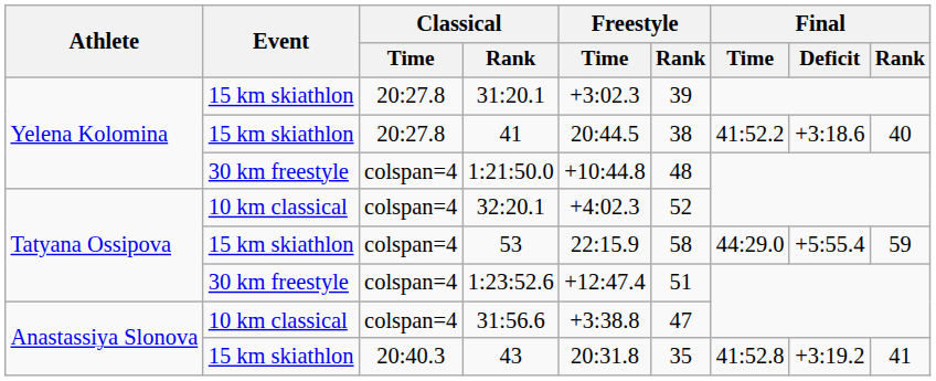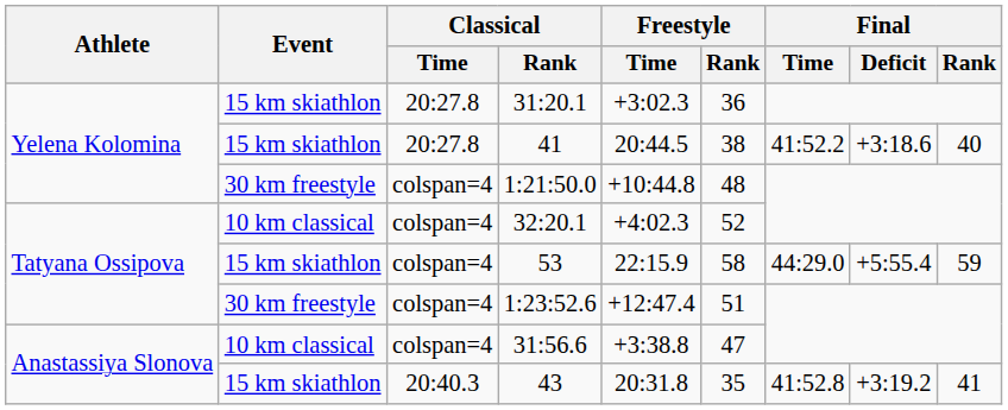 <table class="wikitable" style="font-size:90%">
 <tr>
 <th rowspan=2>Athlete</th>
 <th rowspan=2>Event</th>
 <th colspan=2>Classical</th>
 <th colspan=2>Freestyle</th>
 <th colspan=3>Final</th>
 </tr>
 <tr style="font-size: 95%">
 <th>Time</th>
 <th>Rank</th>
 <th>Time</th>
 <th>Rank</th>
 <th>Time</th>
 <th>Deficit</th>
 <th>Rank</th>
 </tr>
 <tr align=center>
 <td align=left rowspan=3><a href='#'>Yelena Kolomina</a></td>
 <td align=left><a href='#'>15 km skiathlon</a></td>
 <td>20:27.8</td>
 <td>31:20.1</td>
 <td>+3:02.3</td>
-<td>39</td>
+<td>36</td>
 </tr>
 <tr align=center>
 <td align=left><a href='#'>15 km skiathlon</a></td>
 <td>20:27.8</td>
 <td>41</td>
 <td>20:44.5</td>
 <td>38</td>
 <td>41:52.2</td>
 <td>+3:18.6</td>
 <td>40</td>
 </tr>
 <tr align=center>
 <td align=left><a href='#'>30 km freestyle</a></td>
 <td>colspan=4 </td>
 <td>1:21:50.0</td>
 <td>+10:44.8</td>
 <td>48</td>
 </tr>
 <tr align=center>
 <td align=left rowspan=3><a href='#'>Tatyana Ossipova</a></td>
 <td align=left><a href='#'>10 km classical</a></td>
 <td>colspan=4 </td>
 <td>32:20.1</td>
 <td>+4:02.3</td>
 <td>52</td>
 </tr>
 <tr align=center>
 <td align=left><a href='#'>15 km skiathlon</a></td>
 <td>colspan=4 </td>
 <td>53</td>
 <td>22:15.9</td>
 <td>58</td>
 <td>44:29.0</td>
 <td>+5:55.4</td>
 <td>59</td>
 </tr>
 <tr align=center>
 <td align=left><a href='#'>30 km freestyle</a></td>
 <td>colspan=4 </td>
 <td>1:23:52.6</td>
 <td>+12:47.4</td>
 <td>51</td>
 </tr>
 <tr align=center>
 <td align=left rowspan=2><a href='#'>Anastassiya Slonova</a></td>
 <td align=left><a href='#'>10 km classical</a></td>
 <td>colspan=4 </td>
 <td>31:56.6</td>
 <td>+3:38.8</td>
 <td>47</td>
 </tr>
 <tr align=center>
 <td align=left><a href='#'>15 km skiathlon</a></td>
 <td>20:40.3</td>
 <td>43</td>
 <td>20:31.8</td>
 <td>35</td>
 <td>41:52.8</td>
 <td>+3:19.2</td>
 <td>41</td>
 </tr>
 </table>
